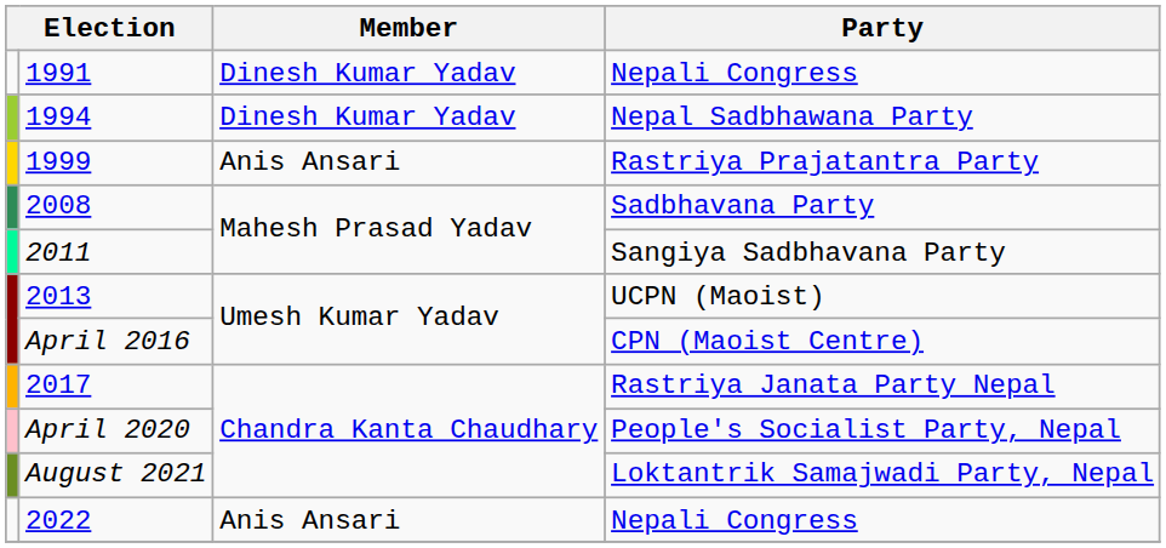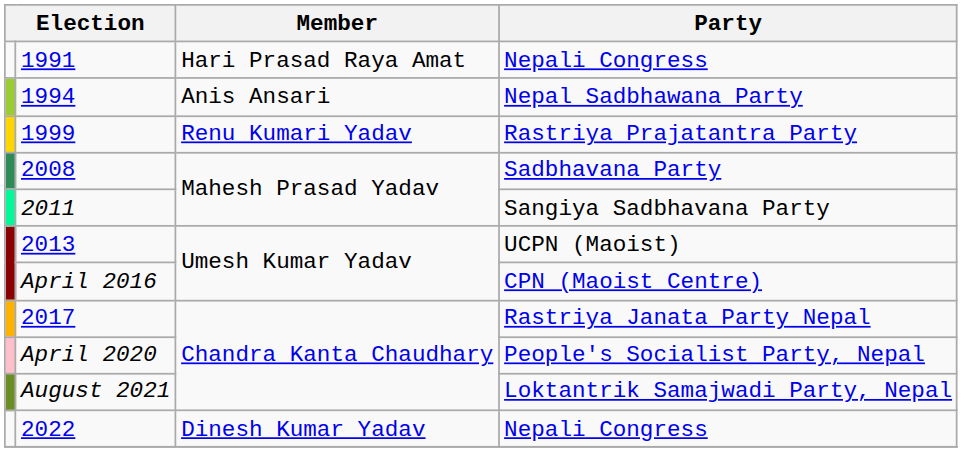 <table class="wikitable">
 <tr>
 <th colspan="2">Election</th>
 <th>Member</th>
 <th>Party</th>
 </tr>
 <tr>
 <td style="background-color:"></td>
 <td><a href='#'>1991</a></td>
-<td><a href='#'>Dinesh Kumar Yadav</a></td>
+<td>Hari Prasad Raya Amat</td>
 <td><a href='#'>Nepali Congress</a></td>
 </tr>
 <tr>
 <td style="background-color:yellowgreen"></td>
 <td><a href='#'>1994</a></td>
-<td><a href='#'>Dinesh Kumar Yadav</a></td>
+<td>Anis Ansari</td>
 <td><a href='#'>Nepal Sadbhawana Party</a></td>
 </tr>
 <tr>
 <td style="background-color:gold"></td>
 <td><a href='#'>1999</a></td>
-<td>Anis Ansari</td>
+<td><a href='#'>Renu Kumari Yadav</a></td>
 <td><a href='#'>Rastriya Prajatantra Party</a></td>
 </tr>
 <tr>
 <td style="background-color:seagreen"></td>
 <td><a href='#'>2008</a></td>
 <td rowspan="2">Mahesh Prasad Yadav</td>
 <td><a href='#'>Sadbhavana Party</a></td>
 </tr>
 <tr>
 <td style="background-color:mediumspringgreen"></td>
 <td><em>2011</em></td>
 <td>Sangiya Sadbhavana Party</td>
 </tr>
 <tr>
 <td rowspan="2" style="background-color:darkred"></td>
 <td><a href='#'>2013</a></td>
 <td rowspan="2">Umesh Kumar Yadav</td>
 <td>UCPN (Maoist)</td>
 </tr>
 <tr>
 <td><em>April 2016</em></td>
 <td><a href='#'>CPN (Maoist Centre)</a></td>
 </tr>
 <tr>
 <td style="background-color:#ffb300"></td>
 <td><a href='#'>2017</a></td>
 <td rowspan="3"><a href='#'>Chandra Kanta Chaudhary</a></td>
 <td><a href='#'>Rastriya Janata Party Nepal</a></td>
 </tr>
 <tr>
 <td style="background-color:pink"></td>
 <td><em>April 2020</em></td>
 <td><a href='#'>People's Socialist Party, Nepal</a></td>
 </tr>
 <tr>
 <td style="background-color:olivedrab"></td>
 <td><em>August 2021</em></td>
 <td><a href='#'>Loktantrik Samajwadi Party, Nepal</a></td>
 </tr>
 <tr>
 <td style="background-color:"></td>
 <td><a href='#'>2022</a></td>
-<td>Anis Ansari</td>
+<td><a href='#'>Dinesh Kumar Yadav</a></td>
 <td><a href='#'>Nepali Congress</a></td>
 </tr>
 <tr>
 </tr>
 </table>
